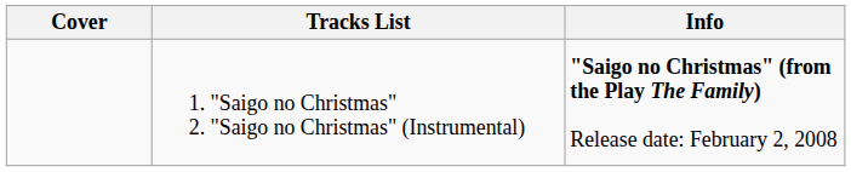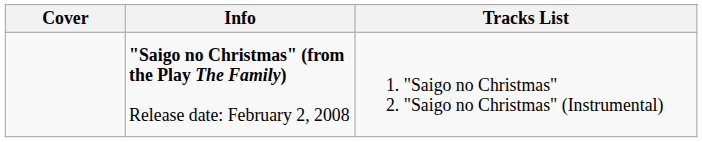 <table class="wikitable" style="margin: 1em auto 1em auto">
 <tr>
 <th width="100">Cover</th>
+<th width="200">Info</th>
 <th width="300">Tracks List</th>
-<th width="200">Info</th>
 </tr>
 <tr>
 <td></td>
+<td><strong>"Saigo no Christmas" (from the Play <em>The Family</em>)</strong><br><br>Release date:  February 2, 2008</td>
 <td><br><ol><li>"Saigo no Christmas"</li><li>"Saigo no Christmas" (Instrumental)</li></ol></td>
-<td><strong>"Saigo no Christmas" (from the Play <em>The Family</em>)</strong><br><br>Release date:  February 2, 2008</td>
 </tr>
 </table>
